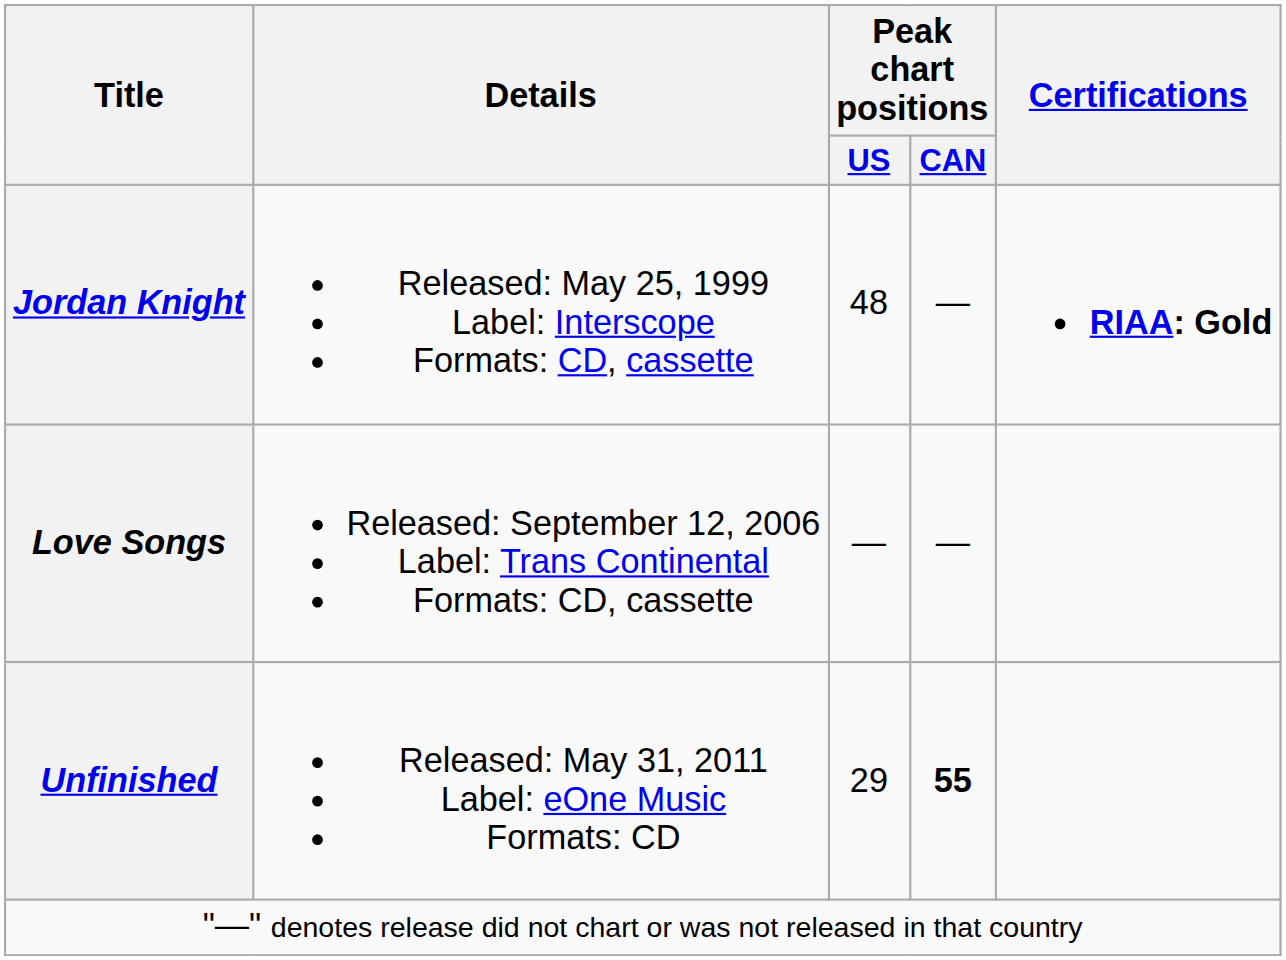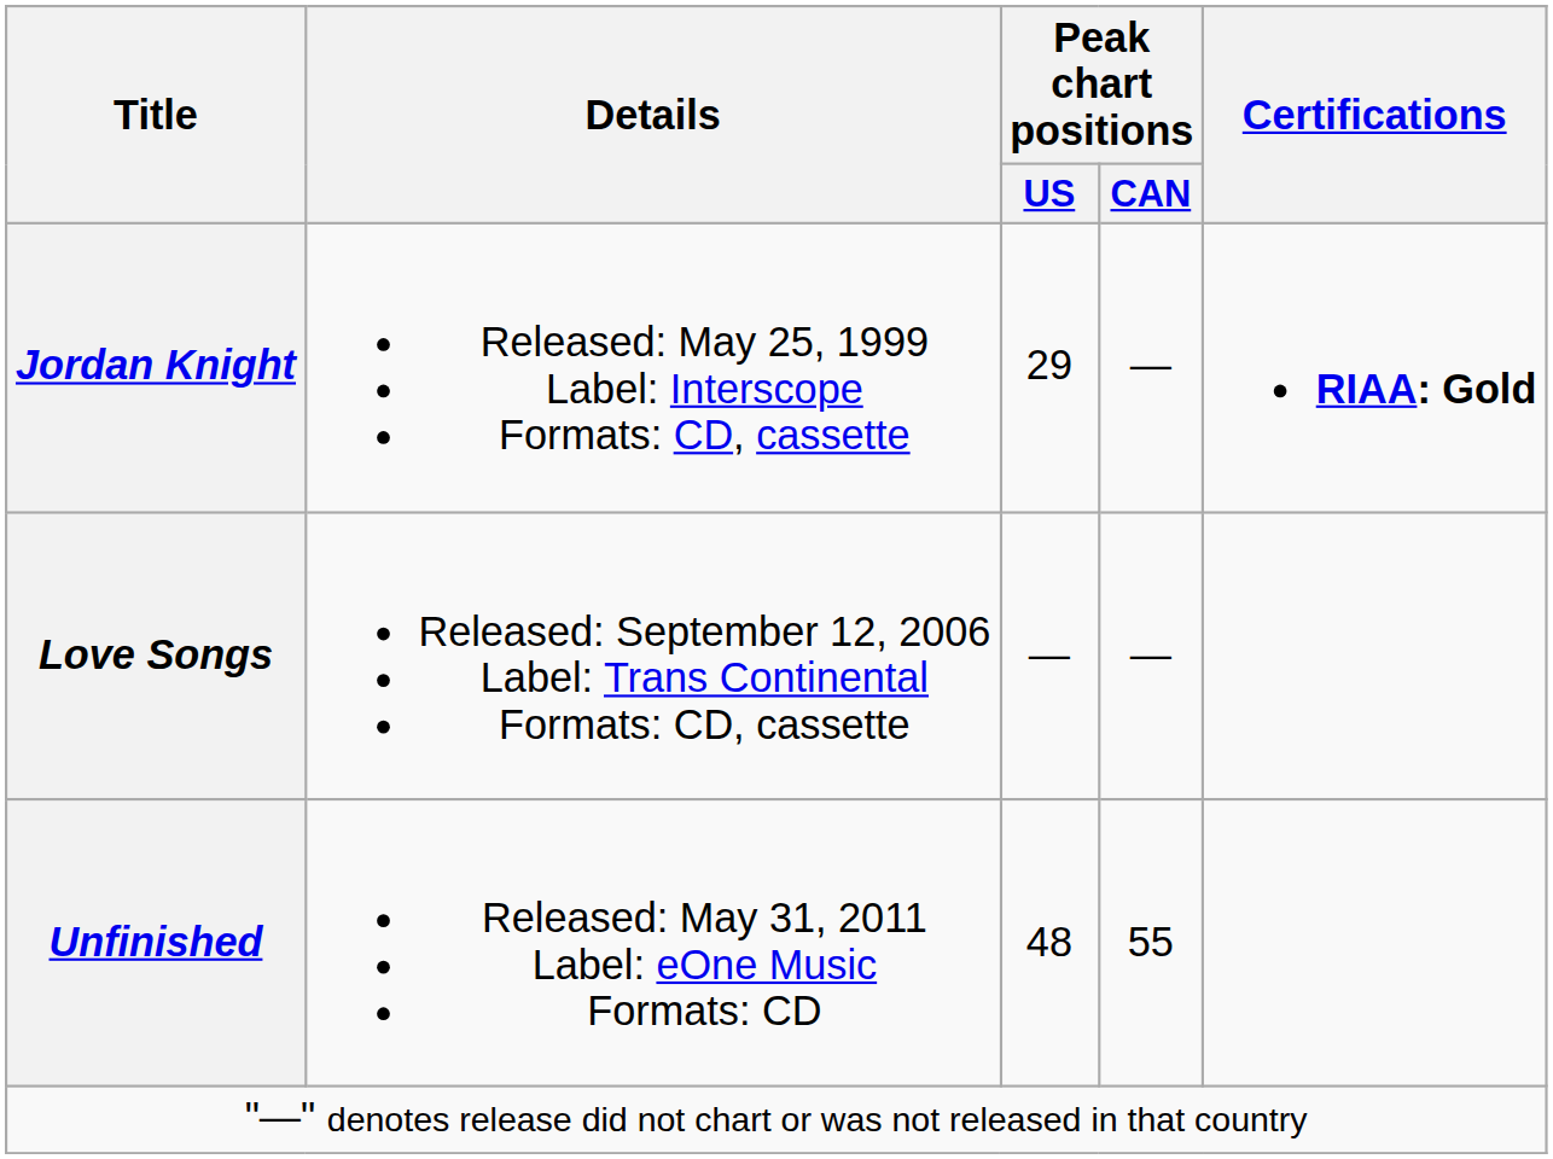 <table class="wikitable plainrowheaders" style="text-align:center;" border="1">
 <tr>
 <th scope="col" rowspan="2">Title</th>
 <th scope="col" rowspan="2">Details</th>
 <th scope="col" colspan="2">Peak chart positions</th>
 <th scope="col" rowspan="2"><a href='#'>Certifications</a></th>
 </tr>
 <tr>
 <th scope="col" style="width:2em; font-size:90%;"><a href='#'>US</a><br></th>
 <th scope="col" style="width:2em; font-size:90%;"><a href='#'>CAN</a></th>
 </tr>
 <tr>
 <th scope="row"><em><a href='#'>Jordan Knight</a></em></th>
 <td><br><ul><li>Released: May 25, 1999</li><li>Label: <a href='#'>Interscope</a></li><li>Formats: <a href='#'>CD</a>, <a href='#'>cassette</a></li></ul></td>
-<td>48</td>
+<td>29</td>
 <td>—</td>
 <td><strong><br><ul><li><a href='#'>RIAA</a>: Gold</li></ul></strong></td>
 </tr>
 <tr>
 <th scope="row"><em>Love Songs</em></th>
 <td><br><ul><li>Released: September 12, 2006</li><li>Label: <a href='#'>Trans Continental</a></li><li>Formats: CD, cassette</li></ul></td>
 <td>—</td>
 <td>—</td>
 <td></td>
 </tr>
 <tr>
 <th scope="row"><em><a href='#'>Unfinished</a></em></th>
 <td><br><ul><li>Released: May 31, 2011</li><li>Label: <a href='#'>eOne Music</a></li><li>Formats: CD</li></ul></td>
-<td>29</td>
-<td><strong>55</strong></td>
+<td>48</td>
+<td>55</td>
 <td></td>
 </tr>
 <tr>
 <td colspan="12" style="text-align:center">"—" <small>denotes release did not chart or was not released in that country</small></td>
 </tr>
 </table>
